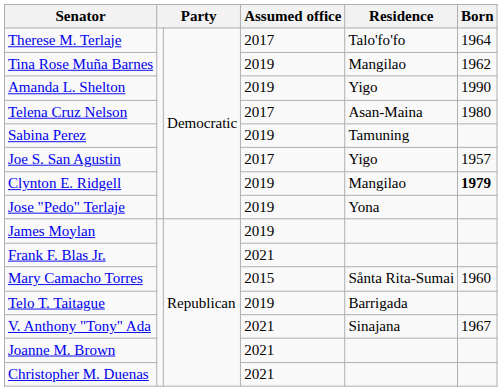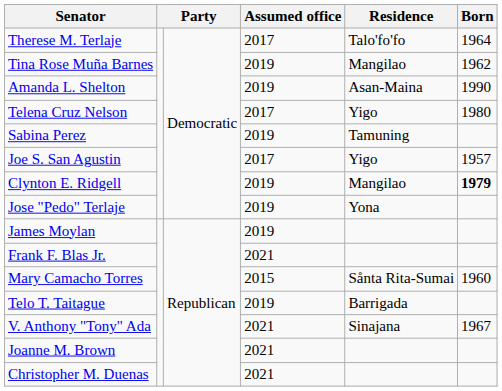 <table class="wikitable sortable" id="votingmembers">
 <tr style="vertical-align:bottom;">
 <th>Senator</th>
 <th colspan=2>Party</th>
 <th>Assumed office</th>
 <th>Residence</th>
 <th>Born</th>
 </tr>
 <tr>
 <td><a href='#'>Therese M. Terlaje</a></td>
 <td rowspan="8" style="background-color:"></td>
 <td rowspan="8">Democratic</td>
 <td>2017</td>
 <td>Talo'fo'fo</td>
 <td>1964</td>
 </tr>
 <tr>
 <td><a href='#'>Tina Rose Muña Barnes</a></td>
 <td>2019</td>
 <td>Mangilao</td>
 <td>1962</td>
 </tr>
 <tr>
 <td><a href='#'>Amanda L. Shelton</a></td>
 <td>2019</td>
-<td>Yigo</td>
+<td>Asan-Maina</td>
 <td>1990</td>
 </tr>
 <tr>
 <td><a href='#'>Telena Cruz Nelson</a></td>
 <td>2017</td>
-<td>Asan-Maina</td>
+<td>Yigo</td>
 <td>1980</td>
 </tr>
 <tr>
 <td><a href='#'>Sabina Perez</a></td>
 <td>2019</td>
 <td>Tamuning</td>
 <td></td>
 </tr>
 <tr>
 <td><a href='#'>Joe S. San Agustin</a></td>
 <td>2017</td>
 <td>Yigo</td>
 <td>1957</td>
 </tr>
 <tr>
 <td><a href='#'>Clynton E. Ridgell</a></td>
 <td>2019</td>
 <td>Mangilao</td>
 <td><strong>1979</strong></td>
 </tr>
 <tr>
 <td><a href='#'>Jose "Pedo" Terlaje</a></td>
 <td>2019</td>
 <td>Yona</td>
 <td></td>
 </tr>
 <tr>
 <td><a href='#'>James Moylan</a></td>
 <td rowspan="7" style="background-color:"></td>
 <td rowspan="7">Republican</td>
 <td>2019</td>
 <td></td>
 <td></td>
 </tr>
 <tr>
 <td><a href='#'>Frank F. Blas Jr.</a></td>
 <td>2021</td>
 <td></td>
 <td></td>
 </tr>
 <tr>
 <td><a href='#'>Mary Camacho Torres</a></td>
 <td>2015</td>
 <td>Sånta Rita-Sumai</td>
 <td>1960</td>
 </tr>
 <tr>
 <td><a href='#'>Telo T. Taitague</a></td>
 <td>2019</td>
 <td>Barrigada</td>
 <td></td>
 </tr>
 <tr>
 <td><a href='#'>V. Anthony "Tony" Ada</a></td>
 <td>2021</td>
 <td>Sinajana</td>
 <td>1967</td>
 </tr>
 <tr>
 <td><a href='#'>Joanne M. Brown</a></td>
 <td>2021</td>
 <td></td>
 <td></td>
 </tr>
 <tr>
 <td><a href='#'>Christopher M. Duenas</a></td>
 <td>2021</td>
 <td></td>
 <td></td>
 </tr>
 </table>
